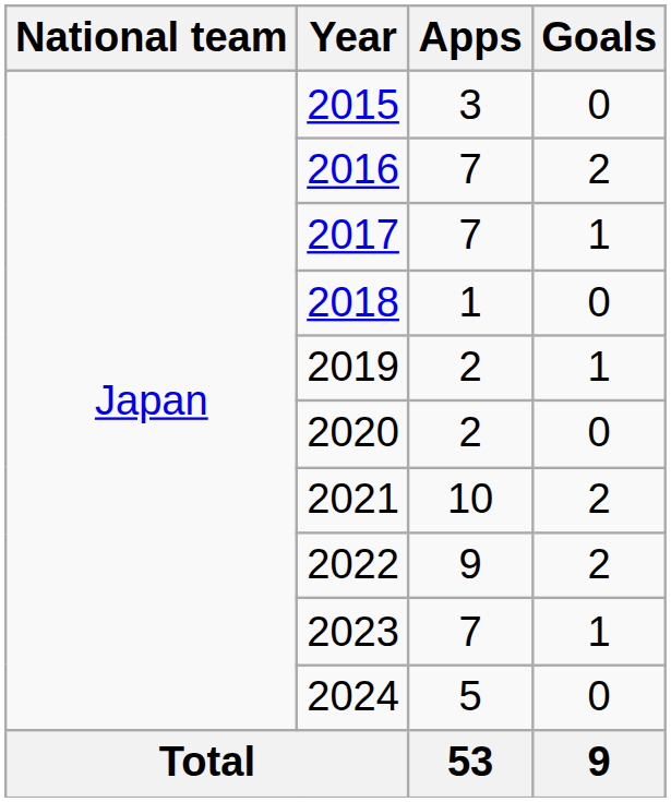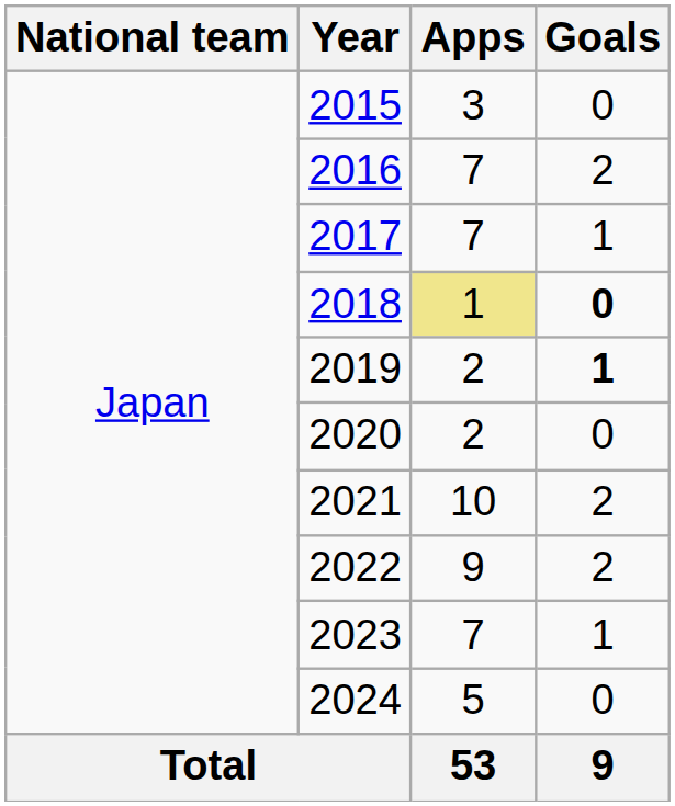 <table class="wikitable" style="text-align:center">
 <tr>
 <th>National team</th>
 <th>Year</th>
 <th>Apps</th>
 <th>Goals</th>
 </tr>
 <tr>
 <td rowspan="10"><a href='#'>Japan</a></td>
 <td><a href='#'>2015</a></td>
 <td>3</td>
 <td>0</td>
 </tr>
 <tr>
 <td><a href='#'>2016</a></td>
 <td>7</td>
 <td>2</td>
 </tr>
 <tr>
 <td><a href='#'>2017</a></td>
 <td>7</td>
 <td>1</td>
 </tr>
 <tr>
 <td><a href='#'>2018</a></td>
-<td>1</td>
-<td>0</td>
+<td style="background: khaki;">1</td>
+<td><strong>0</strong></td>
 </tr>
 <tr>
 <td>2019</td>
 <td>2</td>
-<td>1</td>
+<td><strong>1</strong></td>
 </tr>
 <tr>
 <td>2020</td>
 <td>2</td>
 <td>0</td>
 </tr>
 <tr>
 <td>2021</td>
 <td>10</td>
 <td>2</td>
 </tr>
 <tr>
 <td>2022</td>
 <td>9</td>
 <td>2</td>
 </tr>
 <tr>
 <td>2023</td>
 <td>7</td>
 <td>1</td>
 </tr>
 <tr>
 <td>2024</td>
 <td>5</td>
 <td>0</td>
 </tr>
 <tr>
 <th colspan="2">Total</th>
 <th>53</th>
 <th>9</th>
 </tr>
 </table>
